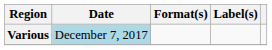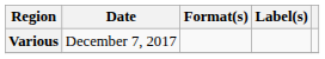 <table class="wikitable plainrowheaders">
 <tr>
 <th scope="col">Region</th>
 <th scope="col">Date</th>
 <th scope="col">Format(s)</th>
 <th scope="col">Label(s)</th>
 <th scope="col"></th>
 </tr>
 <tr>
 <th scope="row">Various</th>
-<td style="background: lightblue;">December 7, 2017</td>
+<td>December 7, 2017</td>
 <td></td>
 <td></td>
 <td></td>
 </tr>
 <tr>
 </tr>
 </table>
